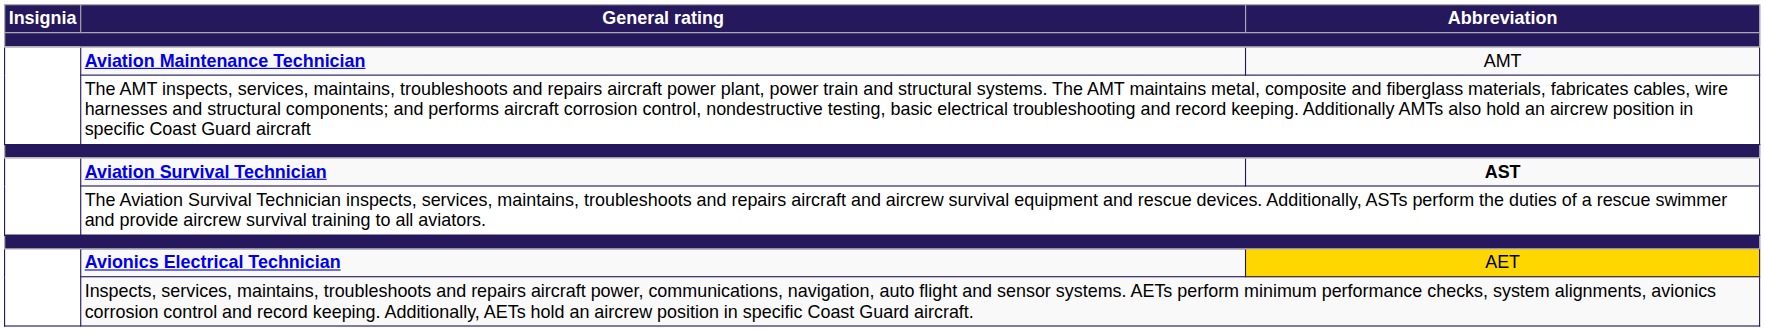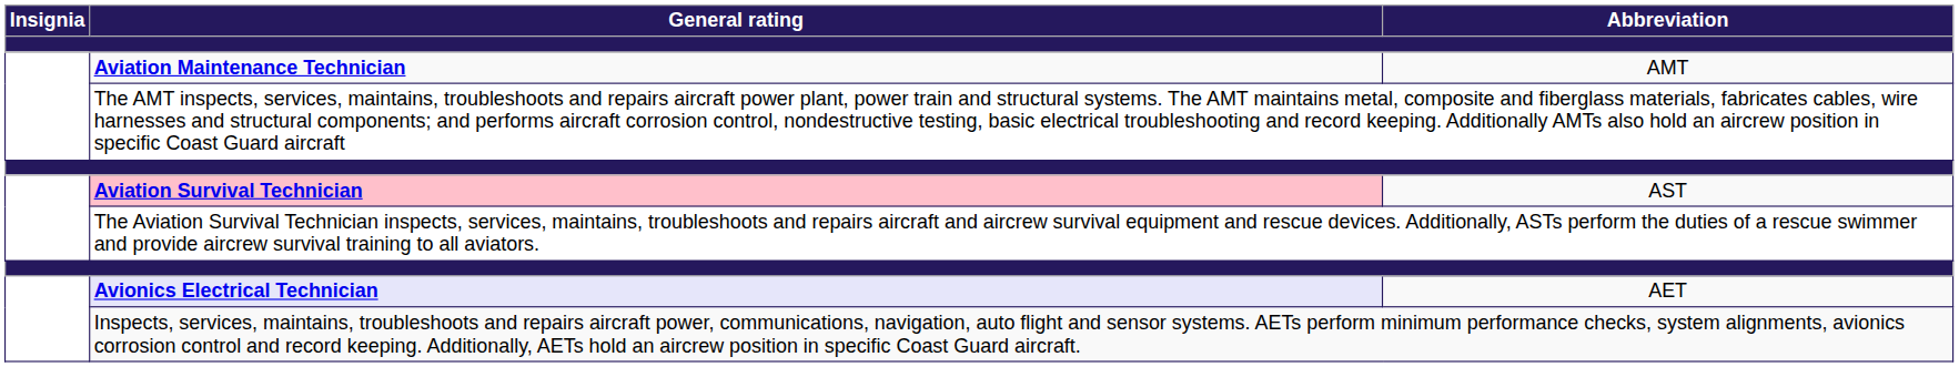 <table class="wikitable" style="border: 1px solid #25185d; ">
 <tr>
 <th style="background-color: #25185d; color: white">Insignia</th>
 <th style="background-color: #25185d; color: white">General rating</th>
 <th style="background-color: #25185d; color: white">Abbreviation</th>
 </tr>
 <tr>
 <td colspan="3" style="background:#25185d;" height=5px></td>
 </tr>
 <tr>
 <td style="border: 1px solid #25185d; background-color: #FFFFFF" rowspan="2"></td>
 <td style="border: 1px solid #25185d;"><strong><a href='#'>Aviation Maintenance Technician</a></strong></td>
 <td style="border: 1px solid #25185d; text-align: center">AMT</td>
 </tr>
 <tr style="border: 1px solid #25185d; background-color: #FFFFFF" |>
 <td style="border: 1px solid #25185d;" colspan="2" valign="top">The AMT inspects, services, maintains, troubleshoots and repairs aircraft power plant, power train and structural systems. The AMT maintains metal, composite and fiberglass materials, fabricates cables, wire harnesses and structural components; and performs aircraft corrosion control, nondestructive testing, basic electrical troubleshooting and record keeping. Additionally AMTs also hold an aircrew position in specific Coast Guard aircraft</td>
 </tr>
 <tr>
 <td colspan="5" style="background:#25185d;" height=5px></td>
 </tr>
 <tr>
 <td style="border: 1px solid #25185d; background-color: #FFFFFF" rowspan="2"></td>
-<td style="border: 1px solid #25185d;"><strong><a href='#'>Aviation Survival Technician</a></strong></td>
-<td style="border: 1px solid #25185d; text-align: center"><strong>AST</strong></td>
+<td style="background: pink; border: 1px solid #25185d;"><strong><a href='#'>Aviation Survival Technician</a></strong></td>
+<td style="border: 1px solid #25185d; text-align: center">AST</td>
 </tr>
 <tr style="border: 1px solid #25185d; background-color: #FFFFFF" |>
 <td style="border: 1px solid #25185d;" colspan="2" valign="top">The Aviation Survival Technician inspects, services, maintains, troubleshoots and repairs aircraft and aircrew survival equipment and rescue devices. Additionally, ASTs perform the duties of a rescue swimmer and provide aircrew survival training to all aviators.</td>
 </tr>
 <tr>
 <td colspan="5" style="background:#25185d;" height=5px></td>
 </tr>
 <tr>
 <td style="border: 1px solid #25185d; background-color: #FFFFFF" rowspan="2"></td>
-<td style="border: 1px solid #25185d;"><strong><a href='#'>Avionics Electrical Technician</a></strong></td>
-<td style="background: gold; border: 1px solid #25185d; text-align: center">AET</td>
+<td style="background: lavender; border: 1px solid #25185d;"><strong><a href='#'>Avionics Electrical Technician</a></strong></td>
+<td style="border: 1px solid #25185d; text-align: center">AET</td>
 </tr>
 <tr style="border: 1px solid #25185d; background...../: #FFFFFF" |>
 <td style="border: 1px solid #25185d;" colspan="2" valign="top">Inspects, services, maintains, troubleshoots and repairs aircraft power, communications, navigation, auto flight and sensor systems. AETs perform minimum performance checks, system alignments, avionics corrosion control and record keeping. Additionally, AETs hold an aircrew position in specific Coast Guard aircraft.</td>
 </tr>
 </table>
